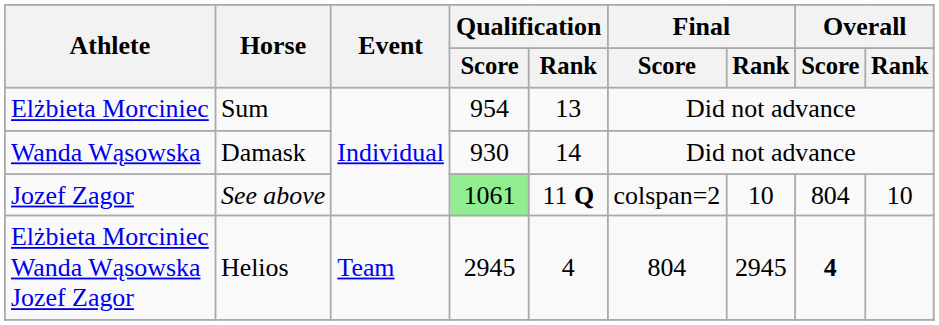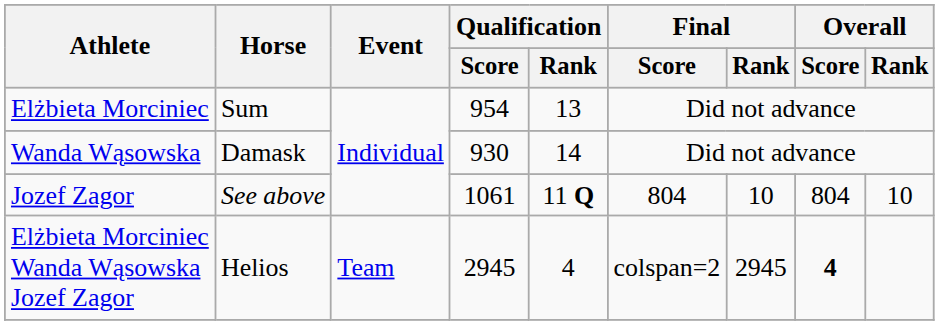 <table class=wikitable style="font-size:90%">
 <tr>
 <th rowspan="2">Athlete</th>
 <th rowspan="2">Horse</th>
 <th rowspan="2">Event</th>
 <th colspan="2">Qualification</th>
 <th colspan="2">Final</th>
 <th colspan="2">Overall</th>
 </tr>
 <tr style="font-size:95%">
 <th>Score</th>
 <th>Rank</th>
 <th>Score</th>
 <th>Rank</th>
 <th>Score</th>
 <th>Rank</th>
 </tr>
 <tr align=center>
 <td align=left><a href='#'>Elżbieta Morciniec</a></td>
 <td align=left>Sum</td>
 <td align=left rowspan=3><a href='#'>Individual</a></td>
 <td>954</td>
 <td>13</td>
 <td colspan=4>Did not advance</td>
 </tr>
 <tr align=center>
 <td align=left><a href='#'>Wanda Wąsowska</a></td>
 <td align=left>Damask</td>
 <td>930</td>
 <td>14</td>
 <td colspan=4>Did not advance</td>
 </tr>
 <tr align=center>
 <td align=left><a href='#'>Jozef Zagor</a></td>
 <td align=left><em>See above</em></td>
-<td style="background: lightgreen;">1061</td>
+<td>1061</td>
 <td>11 <strong>Q</strong></td>
-<td>colspan=2 </td>
+<td>804</td>
 <td>10</td>
 <td>804</td>
 <td>10</td>
 </tr>
 <tr align=center>
 <td align=left><a href='#'>Elżbieta Morciniec</a><br><a href='#'>Wanda Wąsowska</a><br><a href='#'>Jozef Zagor</a></td>
 <td align=left>Helios</td>
 <td align=left><a href='#'>Team</a></td>
 <td>2945</td>
 <td>4</td>
-<td>804</td>
+<td>colspan=2 </td>
 <td>2945</td>
 <td><strong>4</strong></td>
 </tr>
 </table>
